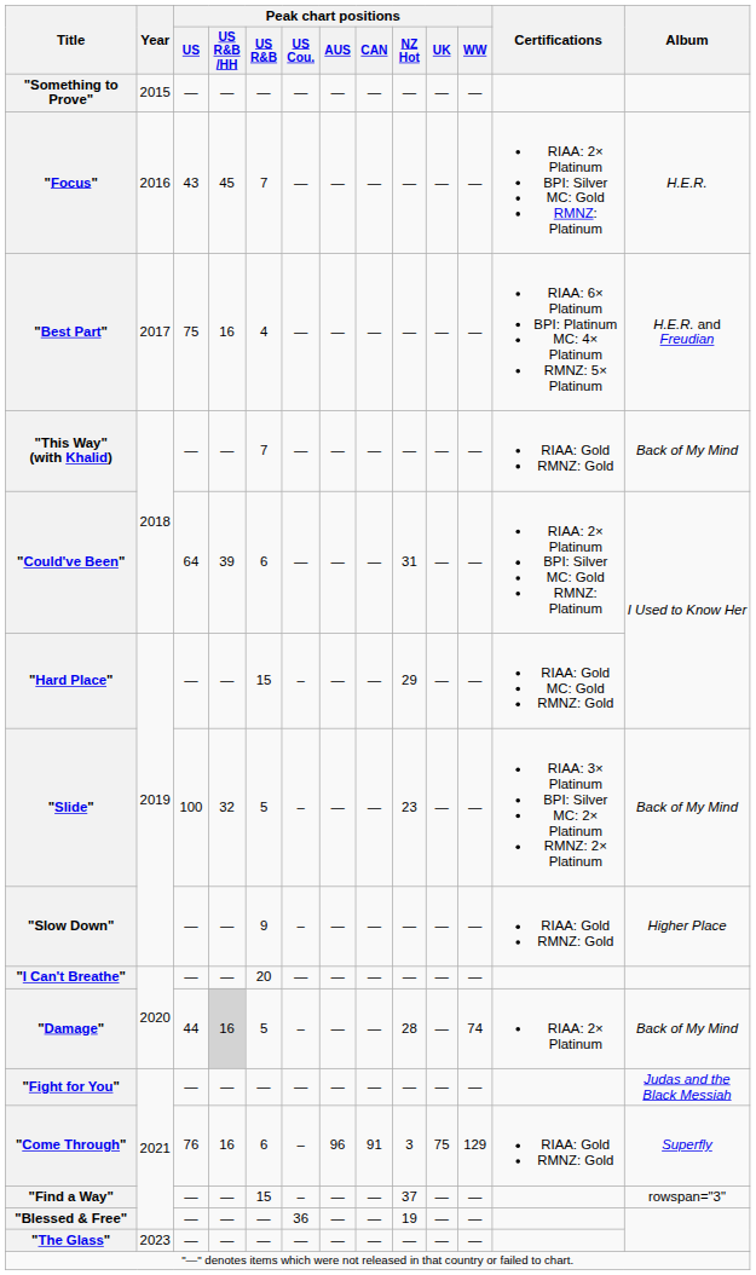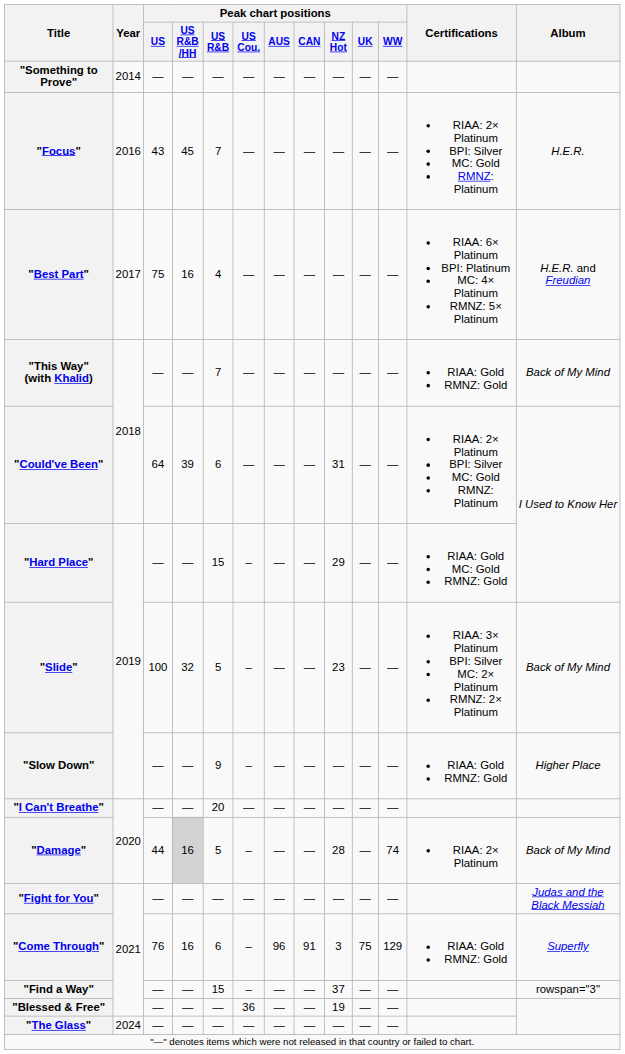 <table class="wikitable plainrowheaders" style="text-align:center;">
 <tr>
 <th scope="col" rowspan="2" style="width:14em;">Title</th>
 <th scope="col" rowspan="2" style="width:1em;">Year</th>
 <th scope="col" colspan="9">Peak chart positions</th>
 <th scope="col" rowspan="2" style="width:13em;">Certifications</th>
 <th scope="col" rowspan="2" style="width:13em;">Album</th>
 </tr>
 <tr>
 <th scope="col" style="width:3em;font-size:90%;"><a href='#'>US</a><br></th>
 <th scope="col" style="width:3em;font-size:90%;"><a href='#'>US<br>R&B<br>/HH</a><br></th>
 <th scope="col" style="width:3em;font-size:90%;"><a href='#'>US<br>R&B</a><br></th>
 <th scope="col" style="width:3em;font-size:90%;"><a href='#'>US<br>Cou.</a><br></th>
 <th scope="col" style="width:3em;font-size:90%;"><a href='#'>AUS</a><br></th>
 <th scope="col" style="width:3em;font-size:90%;"><a href='#'>CAN</a><br></th>
 <th scope="col" style="width:3em;font-size:90%;"><a href='#'>NZ<br>Hot</a><br></th>
 <th scope="col" style="width:3em;font-size:90%;"><a href='#'>UK</a><br></th>
 <th scope="col" style="width:3em;font-size:90%;"><a href='#'>WW</a><br></th>
 </tr>
 <tr>
 <th scope="row">"Something to Prove"</th>
-<td>2015</td>
+<td>2014</td>
 <td>—</td>
 <td>—</td>
 <td>—</td>
 <td>—</td>
 <td>—</td>
 <td>—</td>
 <td>—</td>
 <td>—</td>
 <td>—</td>
 <td></td>
 <td></td>
 </tr>
 <tr>
 <th scope="row">"<a href='#'>Focus</a>"</th>
 <td>2016</td>
 <td>43</td>
 <td>45</td>
 <td>7</td>
 <td>—</td>
 <td>—</td>
 <td>—</td>
 <td>—</td>
 <td>—</td>
 <td>—</td>
 <td><br><ul><li>RIAA: 2× Platinum</li><li>BPI: Silver</li><li>MC: Gold</li><li><a href='#'>RMNZ</a>: Platinum</li></ul></td>
 <td><em>H.E.R.</em></td>
 </tr>
 <tr>
 <th scope="row">"<a href='#'>Best Part</a>"<br></th>
 <td>2017</td>
 <td>75</td>
 <td>16</td>
 <td>4</td>
 <td>—</td>
 <td>—</td>
 <td>—</td>
 <td>—</td>
 <td>—</td>
 <td>—</td>
 <td><br><ul><li>RIAA: 6× Platinum</li><li>BPI: Platinum</li><li>MC: 4× Platinum</li><li>RMNZ: 5× Platinum</li></ul></td>
 <td><em>H.E.R.</em> and <em><a href='#'>Freudian</a></em></td>
 </tr>
 <tr>
 <th scope="row">"This Way"<br><span>(with <a href='#'>Khalid</a>)</span></th>
 <td rowspan="2">2018</td>
 <td>—</td>
 <td>—</td>
 <td>7</td>
 <td>—</td>
 <td>—</td>
 <td>—</td>
 <td>—</td>
 <td>—</td>
 <td>—</td>
 <td><br><ul><li>RIAA: Gold</li><li>RMNZ: Gold</li></ul></td>
 <td><em>Back of My Mind</em></td>
 </tr>
 <tr>
 <th scope="row">"<a href='#'>Could've Been</a>"<br></th>
 <td>64</td>
 <td>39</td>
 <td>6</td>
 <td>—</td>
 <td>—</td>
 <td>—</td>
 <td>31</td>
 <td>—</td>
 <td>—</td>
 <td><br><ul><li>RIAA: 2× Platinum</li><li>BPI: Silver</li><li>MC: Gold</li><li>RMNZ: Platinum</li></ul></td>
 <td rowspan="2"><em>I Used to Know Her</em></td>
 </tr>
 <tr>
 <th scope="row">"<a href='#'>Hard Place</a>"</th>
 <td rowspan="3">2019</td>
 <td>—</td>
 <td>—</td>
 <td>15</td>
 <td>–</td>
 <td>—</td>
 <td>—</td>
 <td>29</td>
 <td>—</td>
 <td>—</td>
 <td><br><ul><li>RIAA: Gold</li><li>MC: Gold</li><li>RMNZ: Gold</li></ul></td>
 </tr>
 <tr>
 <th scope="row">"<a href='#'>Slide</a>"<br></th>
 <td>100</td>
 <td>32</td>
 <td>5</td>
 <td>–</td>
 <td>—</td>
 <td>—</td>
 <td>23</td>
 <td>—</td>
 <td>—</td>
 <td><br><ul><li>RIAA: 3× Platinum</li><li>BPI: Silver </li><li>MC: 2× Platinum</li><li>RMNZ: 2× Platinum</li></ul></td>
 <td><em>Back of My Mind</em></td>
 </tr>
 <tr>
 <th scope="row">"Slow Down"<br></th>
 <td>—</td>
 <td>—</td>
 <td>9</td>
 <td>–</td>
 <td>—</td>
 <td>—</td>
 <td>—</td>
 <td>—</td>
 <td>—</td>
 <td><br><ul><li>RIAA: Gold</li><li>RMNZ: Gold</li></ul></td>
 <td><em>Higher Place</em></td>
 </tr>
 <tr>
 <th scope="row">"<a href='#'>I Can't Breathe</a>"</th>
 <td rowspan="2">2020</td>
 <td>—</td>
 <td>—</td>
 <td>20</td>
 <td>—</td>
 <td>—</td>
 <td>—</td>
 <td>—</td>
 <td>—</td>
 <td>—</td>
 <td></td>
 <td></td>
 </tr>
 <tr>
 <th scope="row">"<a href='#'>Damage</a>"</th>
 <td>44</td>
 <td style="background: lightgrey;">16</td>
 <td>5</td>
 <td>–</td>
 <td>—</td>
 <td>—</td>
 <td>28</td>
 <td>—</td>
 <td>74</td>
 <td><br><ul><li>RIAA: 2× Platinum</li></ul></td>
 <td><em>Back of My Mind</em></td>
 </tr>
 <tr>
 <th scope="row">"<a href='#'>Fight for You</a>"</th>
 <td rowspan="4">2021</td>
 <td>—</td>
 <td>—</td>
 <td>—</td>
 <td>—</td>
 <td>—</td>
 <td>—</td>
 <td>—</td>
 <td>—</td>
 <td>—</td>
 <td></td>
 <td><em><a href='#'>Judas and the Black Messiah</a></em></td>
 </tr>
 <tr>
 <th scope="row">"<a href='#'>Come Through</a>"<br></th>
 <td>76</td>
 <td>16</td>
 <td>6</td>
 <td>–</td>
 <td>96</td>
 <td>91</td>
 <td>3</td>
 <td>75</td>
 <td>129</td>
 <td><br><ul><li>RIAA: Gold</li><li>RMNZ: Gold</li></ul></td>
 <td><em><a href='#'>Superfly</a></em></td>
 </tr>
 <tr>
 <th scope="row">"Find a Way"<br></th>
 <td>―</td>
 <td>―</td>
 <td>15</td>
 <td>–</td>
 <td>―</td>
 <td>―</td>
 <td>37</td>
 <td>―</td>
 <td>—</td>
 <td></td>
 <td>rowspan="3" </td>
 </tr>
 <tr>
 <th scope="row">"Blessed & Free"<br></th>
 <td>―</td>
 <td>―</td>
 <td>―</td>
 <td>36</td>
 <td>―</td>
 <td>―</td>
 <td>19</td>
 <td>―</td>
 <td>—</td>
 <td></td>
 </tr>
 <tr>
 <th scope="row">"<a href='#'>The Glass</a>"<br></th>
-<td>2023</td>
+<td>2024</td>
 <td>―</td>
 <td>―</td>
 <td>―</td>
 <td>―</td>
 <td>―</td>
 <td>―</td>
 <td>―</td>
 <td>―</td>
 <td>―</td>
 <td></td>
 </tr>
 <tr>
 <td colspan="15" style="font-size:85%;">"—" denotes items which were not released in that country or failed to chart.</td>
 </tr>
 </table>
